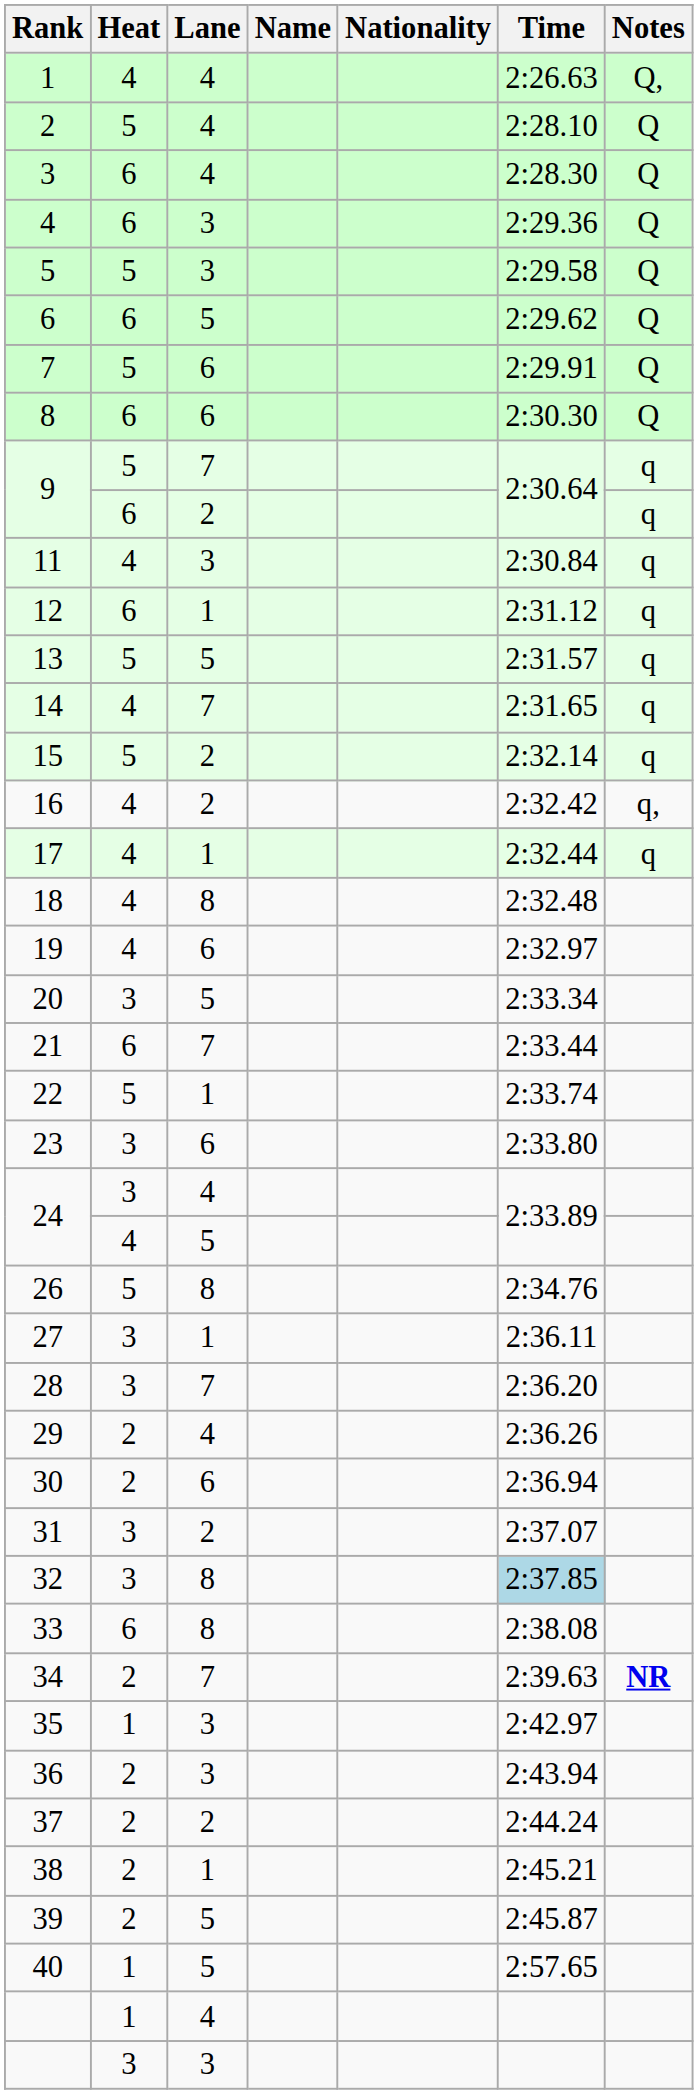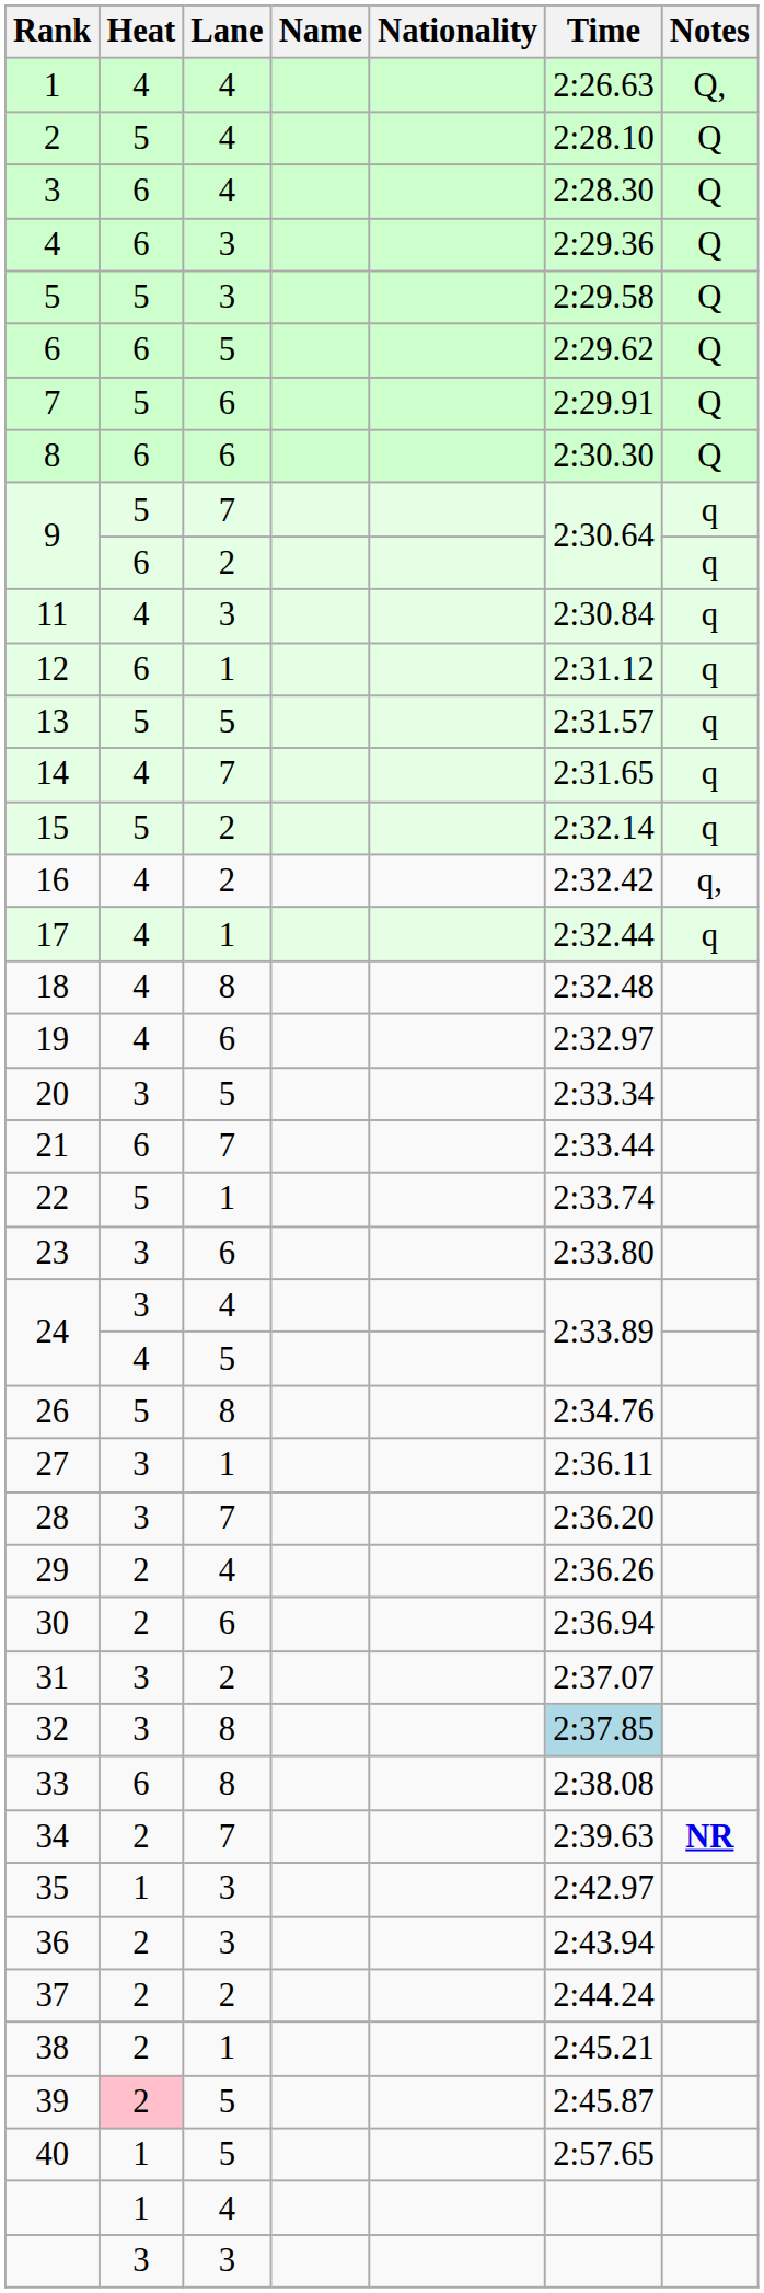 <table class="wikitable sortable" style="text-align:center">
 <tr>
 <th>Rank</th>
 <th>Heat</th>
 <th>Lane</th>
 <th>Name</th>
 <th>Nationality</th>
 <th>Time</th>
 <th>Notes</th>
 </tr>
 <tr bgcolor=#cfc>
 <td>1</td>
 <td>4</td>
 <td>4</td>
 <td align="left"></td>
 <td align="left"></td>
 <td>2:26.63</td>
 <td>Q, </td>
 </tr>
 <tr bgcolor=#cfc>
 <td>2</td>
 <td>5</td>
 <td>4</td>
 <td align="left"></td>
 <td align="left"></td>
 <td>2:28.10</td>
 <td>Q</td>
 </tr>
 <tr bgcolor=#cfc>
 <td>3</td>
 <td>6</td>
 <td>4</td>
 <td align="left"></td>
 <td align="left"></td>
 <td>2:28.30</td>
 <td>Q</td>
 </tr>
 <tr bgcolor=#cfc>
 <td>4</td>
 <td>6</td>
 <td>3</td>
 <td align="left"></td>
 <td align="left"></td>
 <td>2:29.36</td>
 <td>Q</td>
 </tr>
 <tr bgcolor=#cfc>
 <td>5</td>
 <td>5</td>
 <td>3</td>
 <td align="left"></td>
 <td align="left"></td>
 <td>2:29.58</td>
 <td>Q</td>
 </tr>
 <tr bgcolor=#cfc>
 <td>6</td>
 <td>6</td>
 <td>5</td>
 <td align="left"></td>
 <td align="left"></td>
 <td>2:29.62</td>
 <td>Q</td>
 </tr>
 <tr bgcolor=#cfc>
 <td>7</td>
 <td>5</td>
 <td>6</td>
 <td align="left"></td>
 <td align="left"></td>
 <td>2:29.91</td>
 <td>Q</td>
 </tr>
 <tr bgcolor=#cfc>
 <td>8</td>
 <td>6</td>
 <td>6</td>
 <td align="left"></td>
 <td align="left"></td>
 <td>2:30.30</td>
 <td>Q</td>
 </tr>
 <tr bgcolor=e5ffe5>
 <td rowspan=2>9</td>
 <td>5</td>
 <td>7</td>
 <td align="left"></td>
 <td align="left"></td>
 <td rowspan=2>2:30.64</td>
 <td>q</td>
 </tr>
 <tr bgcolor=e5ffe5>
 <td>6</td>
 <td>2</td>
 <td align="left"></td>
 <td align="left"></td>
 <td>q</td>
 </tr>
 <tr bgcolor=e5ffe5>
 <td>11</td>
 <td>4</td>
 <td>3</td>
 <td align="left"></td>
 <td align="left"></td>
 <td>2:30.84</td>
 <td>q</td>
 </tr>
 <tr bgcolor=e5ffe5>
 <td>12</td>
 <td>6</td>
 <td>1</td>
 <td align="left"></td>
 <td align="left"></td>
 <td>2:31.12</td>
 <td>q</td>
 </tr>
 <tr bgcolor=e5ffe5>
 <td>13</td>
 <td>5</td>
 <td>5</td>
 <td align="left"></td>
 <td align="left"></td>
 <td>2:31.57</td>
 <td>q</td>
 </tr>
 <tr bgcolor=e5ffe5>
 <td>14</td>
 <td>4</td>
 <td>7</td>
 <td align="left"></td>
 <td align="left"></td>
 <td>2:31.65</td>
 <td>q</td>
 </tr>
 <tr bgcolor=e5ffe5>
 <td>15</td>
 <td>5</td>
 <td>2</td>
 <td align="left"></td>
 <td align="left"></td>
 <td>2:32.14</td>
 <td>q</td>
 </tr>
 <tr>
 <td>16</td>
 <td>4</td>
 <td>2</td>
 <td align="left"></td>
 <td align="left"></td>
 <td>2:32.42</td>
 <td>q, </td>
 </tr>
 <tr bgcolor=e5ffe5>
 <td>17</td>
 <td>4</td>
 <td>1</td>
 <td align="left"></td>
 <td align="left"></td>
 <td>2:32.44</td>
 <td>q</td>
 </tr>
 <tr>
 <td>18</td>
 <td>4</td>
 <td>8</td>
 <td align="left"></td>
 <td align="left"></td>
 <td>2:32.48</td>
 <td></td>
 </tr>
 <tr>
 <td>19</td>
 <td>4</td>
 <td>6</td>
 <td align="left"></td>
 <td align="left"></td>
 <td>2:32.97</td>
 <td></td>
 </tr>
 <tr>
 <td>20</td>
 <td>3</td>
 <td>5</td>
 <td align="left"></td>
 <td align="left"></td>
 <td>2:33.34</td>
 <td></td>
 </tr>
 <tr>
 <td>21</td>
 <td>6</td>
 <td>7</td>
 <td align="left"></td>
 <td align="left"></td>
 <td>2:33.44</td>
 <td></td>
 </tr>
 <tr>
 <td>22</td>
 <td>5</td>
 <td>1</td>
 <td align="left"></td>
 <td align="left"></td>
 <td>2:33.74</td>
 <td></td>
 </tr>
 <tr>
 <td>23</td>
 <td>3</td>
 <td>6</td>
 <td align="left"></td>
 <td align="left"></td>
 <td>2:33.80</td>
 <td></td>
 </tr>
 <tr>
 <td rowspan=2>24</td>
 <td>3</td>
 <td>4</td>
 <td align="left"></td>
 <td align="left"></td>
 <td rowspan=2>2:33.89</td>
 <td></td>
 </tr>
 <tr>
 <td>4</td>
 <td>5</td>
 <td align="left"></td>
 <td align="left"></td>
 <td></td>
 </tr>
 <tr>
 <td>26</td>
 <td>5</td>
 <td>8</td>
 <td align="left"></td>
 <td align="left"></td>
 <td>2:34.76</td>
 <td></td>
 </tr>
 <tr>
 <td>27</td>
 <td>3</td>
 <td>1</td>
 <td align="left"></td>
 <td align="left"></td>
 <td>2:36.11</td>
 <td></td>
 </tr>
 <tr>
 <td>28</td>
 <td>3</td>
 <td>7</td>
 <td align="left"></td>
 <td align="left"></td>
 <td>2:36.20</td>
 <td></td>
 </tr>
 <tr>
 <td>29</td>
 <td>2</td>
 <td>4</td>
 <td align="left"></td>
 <td align="left"></td>
 <td>2:36.26</td>
 <td></td>
 </tr>
 <tr>
 <td>30</td>
 <td>2</td>
 <td>6</td>
 <td align="left"></td>
 <td align="left"></td>
 <td>2:36.94</td>
 <td></td>
 </tr>
 <tr>
 <td>31</td>
 <td>3</td>
 <td>2</td>
 <td align="left"></td>
 <td align="left"></td>
 <td>2:37.07</td>
 <td></td>
 </tr>
 <tr>
 <td>32</td>
 <td>3</td>
 <td>8</td>
 <td align="left"></td>
 <td align="left"></td>
 <td style="background: lightblue;">2:37.85</td>
 <td></td>
 </tr>
 <tr>
 <td>33</td>
 <td>6</td>
 <td>8</td>
 <td align="left"></td>
 <td align="left"></td>
 <td>2:38.08</td>
 <td></td>
 </tr>
 <tr>
 <td>34</td>
 <td>2</td>
 <td>7</td>
 <td align="left"></td>
 <td align="left"></td>
 <td>2:39.63</td>
 <td><strong><a href='#'>NR</a></strong></td>
 </tr>
 <tr>
 <td>35</td>
 <td>1</td>
 <td>3</td>
 <td align="left"></td>
 <td align="left"></td>
 <td>2:42.97</td>
 <td></td>
 </tr>
 <tr>
 <td>36</td>
 <td>2</td>
 <td>3</td>
 <td align="left"></td>
 <td align="left"></td>
 <td>2:43.94</td>
 <td></td>
 </tr>
 <tr>
 <td>37</td>
 <td>2</td>
 <td>2</td>
 <td align="left"></td>
 <td align="left"></td>
 <td>2:44.24</td>
 <td></td>
 </tr>
 <tr>
 <td>38</td>
 <td>2</td>
 <td>1</td>
 <td align="left"></td>
 <td align="left"></td>
 <td>2:45.21</td>
 <td></td>
 </tr>
 <tr>
 <td>39</td>
-<td>2</td>
+<td style="background: pink;">2</td>
 <td>5</td>
 <td align="left"></td>
 <td align="left"></td>
 <td>2:45.87</td>
 <td></td>
 </tr>
 <tr>
 <td>40</td>
 <td>1</td>
 <td>5</td>
 <td align="left"></td>
 <td align="left"></td>
 <td>2:57.65</td>
 <td></td>
 </tr>
 <tr>
 <td></td>
 <td>1</td>
 <td>4</td>
 <td align="left"></td>
 <td align="left"></td>
 <td></td>
 <td></td>
 </tr>
 <tr>
 <td></td>
 <td>3</td>
 <td>3</td>
 <td align="left"></td>
 <td align="left"></td>
 <td></td>
 <td></td>
 </tr>
 </table>
